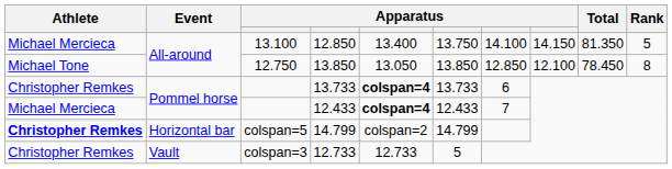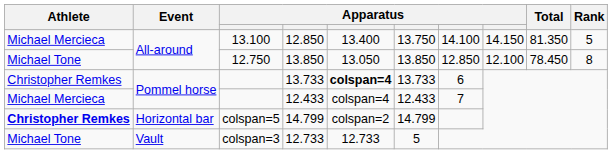 <table class=wikitable style=font-size:90%;text-align:center>
 <tr>
 <th rowspan=2>Athlete</th>
 <th rowspan=2>Event</th>
 <th colspan=6>Apparatus</th>
 <th rowspan=2>Total</th>
 <th rowspan=2>Rank</th>
 </tr>
 <tr style=font-size:95%>
 <th></th>
 <th></th>
 <th></th>
 <th></th>
 <th></th>
 <th></th>
 </tr>
 <tr>
 <td align=left><a href='#'>Michael Mercieca</a></td>
 <td align=left rowspan=2><a href='#'>All-around</a></td>
 <td>13.100</td>
 <td>12.850</td>
 <td>13.400</td>
 <td>13.750</td>
 <td>14.100</td>
 <td>14.150</td>
 <td>81.350</td>
 <td>5</td>
 </tr>
 <tr>
 <td align=left><a href='#'>Michael Tone</a></td>
 <td>12.750</td>
 <td>13.850</td>
 <td>13.050</td>
 <td>13.850</td>
 <td>12.850</td>
 <td>12.100</td>
 <td>78.450</td>
 <td>8</td>
 </tr>
 <tr>
 <td align=left><a href='#'>Christopher Remkes</a></td>
 <td align=left rowspan=2><a href='#'>Pommel horse</a></td>
 <td></td>
 <td>13.733</td>
 <td><strong>colspan=4 </strong></td>
 <td>13.733</td>
 <td>6</td>
 </tr>
 <tr>
 <td align=left><a href='#'>Michael Mercieca</a></td>
 <td></td>
 <td>12.433</td>
-<td><strong>colspan=4 </strong></td>
+<td>colspan=4 </td>
 <td>12.433</td>
 <td>7</td>
 </tr>
 <tr>
 <td align=left><strong><a href='#'>Christopher Remkes</a></strong></td>
 <td align=left><a href='#'>Horizontal bar</a></td>
 <td>colspan=5 </td>
 <td>14.799</td>
 <td>colspan=2 </td>
 <td>14.799</td>
 <td></td>
 </tr>
 <tr>
-<td align=left><a href='#'>Christopher Remkes</a></td>
+<td align=left><a href='#'>Michael Tone</a></td>
 <td align=left><a href='#'>Vault</a></td>
 <td>colspan=3 </td>
 <td>12.733</td>
 <td>12.733</td>
 <td>5</td>
 </tr>
 </table>
